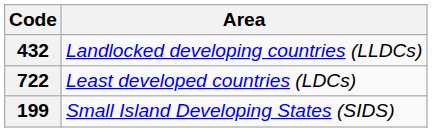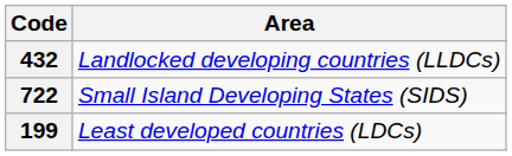 <table class="wikitable">
 <tr>
 <th scope="col">Code</th>
 <th scope="col" colspan=3>Area</th>
 </tr>
 <tr>
 <th>432</th>
 <td><em><a href='#'>Landlocked developing countries</a> (LLDCs)</em></td>
 </tr>
 <tr>
 <th>722</th>
-<td><em><a href='#'>Least developed countries</a> (LDCs)</em></td>
+<td><em><a href='#'>Small Island Developing States</a> (SIDS)</em></td>
 </tr>
 <tr>
 <th>199</th>
-<td><em><a href='#'>Small Island Developing States</a> (SIDS)</em></td>
+<td><em><a href='#'>Least developed countries</a> (LDCs)</em></td>
 </tr>
 </table>
